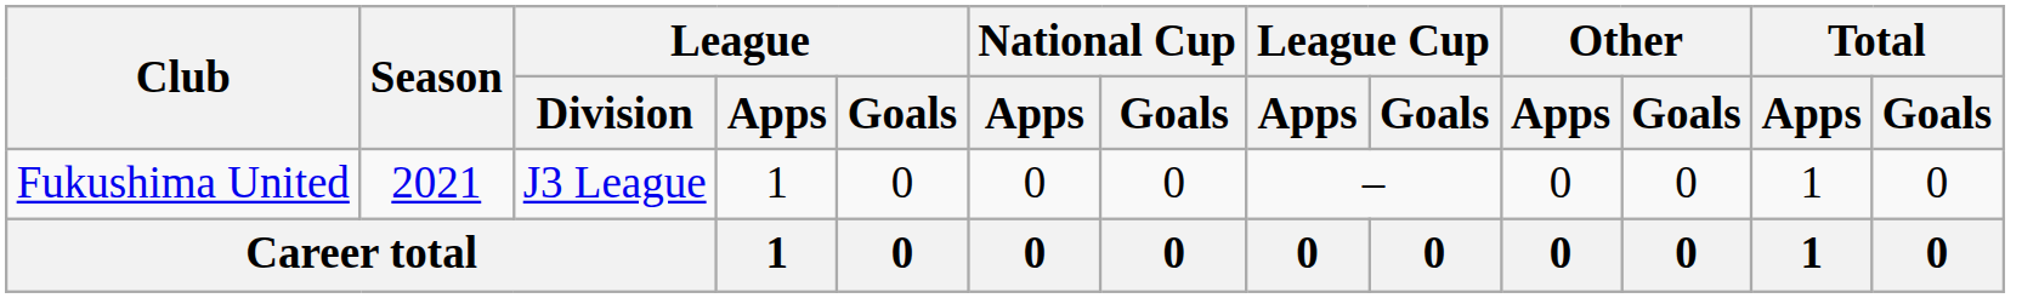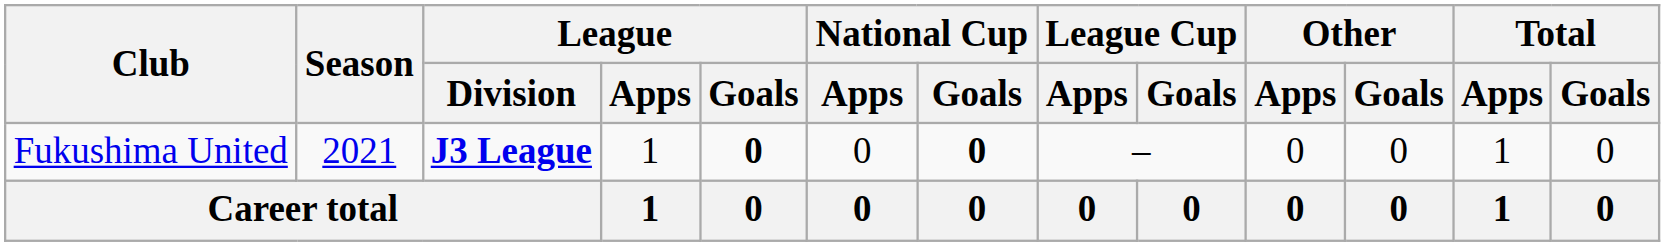 <table class="wikitable" style="text-align: center">
 <tr>
 <th rowspan="2">Club</th>
 <th rowspan="2">Season</th>
 <th colspan="3">League</th>
 <th colspan="2">National Cup</th>
 <th colspan="2">League Cup</th>
 <th colspan="2">Other</th>
 <th colspan="2">Total</th>
 </tr>
 <tr>
 <th>Division</th>
 <th>Apps</th>
 <th>Goals</th>
 <th>Apps</th>
 <th>Goals</th>
 <th>Apps</th>
 <th>Goals</th>
 <th>Apps</th>
 <th>Goals</th>
 <th>Apps</th>
 <th>Goals</th>
 </tr>
 <tr>
 <td><a href='#'>Fukushima United</a></td>
 <td><a href='#'>2021</a></td>
-<td><a href='#'>J3 League</a></td>
+<td><strong><a href='#'>J3 League</a></strong></td>
 <td>1</td>
+<td><strong>0</strong></td>
 <td>0</td>
-<td>0</td>
-<td>0</td>
+<td><strong>0</strong></td>
 <td colspan="2">–</td>
 <td>0</td>
 <td>0</td>
 <td>1</td>
 <td>0</td>
 </tr>
 <tr>
 <th colspan="3"><strong>Career total</strong></th>
 <th>1</th>
 <th>0</th>
 <th>0</th>
 <th>0</th>
 <th>0</th>
 <th>0</th>
 <th>0</th>
 <th>0</th>
 <th>1</th>
 <th>0</th>
 </tr>
 </table>
